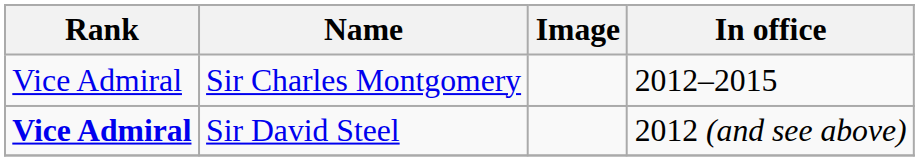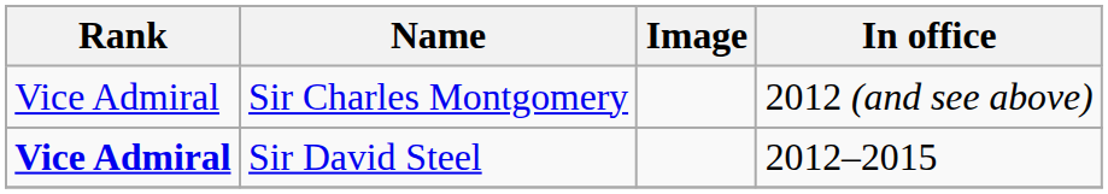 <table class="wikitable">
 <tr>
 <th>Rank</th>
 <th>Name</th>
 <th>Image</th>
 <th>In office</th>
 </tr>
 <tr>
 <td><a href='#'>Vice Admiral</a></td>
 <td><a href='#'>Sir Charles Montgomery</a></td>
 <td></td>
-<td>2012–2015</td>
+<td>2012 <em>(and see above)</em></td>
 </tr>
 <tr>
 <td><strong><a href='#'>Vice Admiral</a></strong></td>
 <td><a href='#'>Sir David Steel</a></td>
 <td></td>
-<td>2012 <em>(and see above)</em></td>
+<td>2012–2015</td>
 </tr>
 <tr>
 </tr>
 </table>
